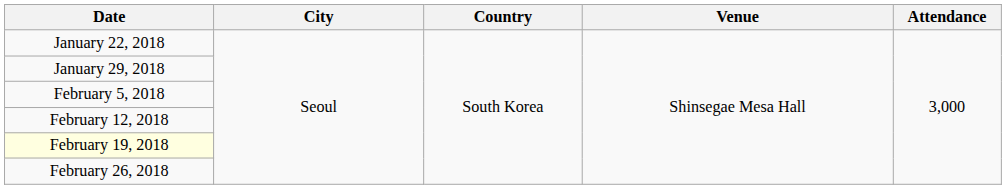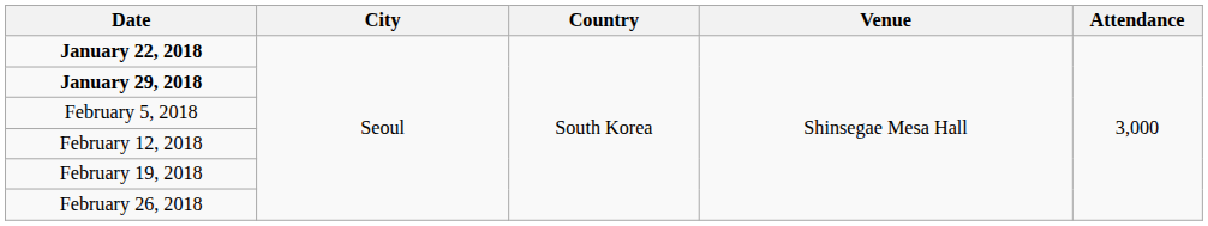 <table class="wikitable" style="text-align:center;">
 <tr>
 <th width="200">Date</th>
 <th width="200">City</th>
 <th width="150">Country</th>
 <th width="300">Venue</th>
 <th width="100">Attendance</th>
 </tr>
 <tr>
-<td>January 22, 2018</td>
+<td><strong>January 22, 2018</strong></td>
 <td rowspan="6">Seoul</td>
 <td rowspan="6">South Korea</td>
 <td rowspan="6">Shinsegae Mesa Hall</td>
 <td rowspan="6">3,000</td>
 </tr>
 <tr>
-<td>January 29, 2018</td>
+<td><strong>January 29, 2018</strong></td>
 </tr>
 <tr>
 <td>February 5, 2018</td>
 </tr>
 <tr>
 <td>February 12, 2018</td>
 </tr>
 <tr>
-<td style="background: lightyellow;">February 19, 2018</td>
+<td>February 19, 2018</td>
 </tr>
 <tr>
 <td>February 26, 2018</td>
 </tr>
 </table>
